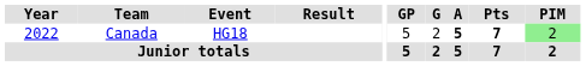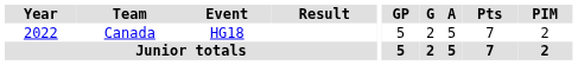 <table border="0" cellpadding="1" cellspacing="0" ID="Table3" style="text-align:center; width:40em;">
 <tr bgcolor="#e0e0e0">
 <th>Year</th>
 <th>Team</th>
 <th>Event</th>
 <th>Result</th>
 <th rowspan="99" bgcolor="#ffffff"></th>
 <th>GP</th>
 <th>G</th>
 <th>A</th>
 <th>Pts</th>
 <th>PIM</th>
 </tr>
 <tr>
 <td><a href='#'>2022</a></td>
 <td><a href='#'>Canada</a></td>
 <td><a href='#'>HG18</a></td>
 <td></td>
 <td>5</td>
 <td>2</td>
-<td><strong>5</strong></td>
-<td><strong>7</strong></td>
-<td style="background: lightgreen;">2</td>
+<td>5</td>
+<td>7</td>
+<td>2</td>
 </tr>
 <tr bgcolor="#e0e0e0">
 <th colspan="4">Junior totals</th>
 <th>5</th>
 <th>2</th>
 <th>5</th>
 <th>7</th>
 <th>2</th>
 </tr>
 </table>
